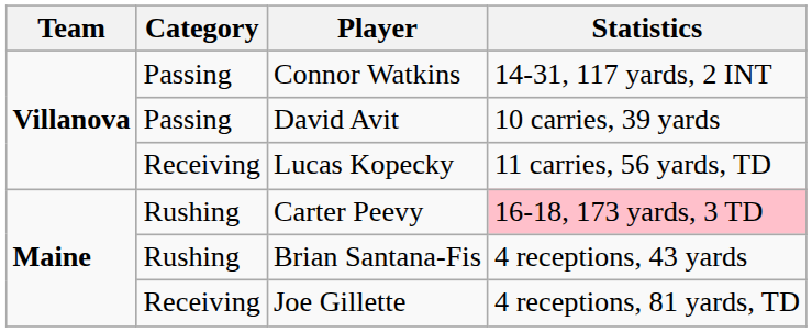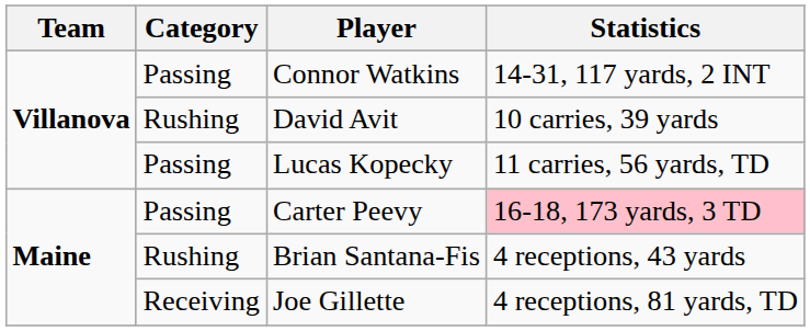 <table class="wikitable" style="float: right;">
 <tr>
 <th>Team</th>
 <th>Category</th>
 <th>Player</th>
 <th>Statistics</th>
 </tr>
 <tr>
 <td rowspan=3><strong>Villanova</strong></td>
 <td>Passing</td>
 <td>Connor Watkins</td>
 <td>14-31, 117 yards, 2 INT</td>
 </tr>
 <tr>
-<td>Passing</td>
+<td>Rushing</td>
 <td>David Avit</td>
 <td>10 carries, 39 yards</td>
 </tr>
 <tr>
-<td>Receiving</td>
+<td>Passing</td>
 <td>Lucas Kopecky</td>
 <td>11 carries, 56 yards, TD</td>
 </tr>
 <tr>
 <td rowspan=3><strong>Maine</strong></td>
-<td>Rushing</td>
+<td>Passing</td>
 <td>Carter Peevy</td>
 <td style="background: pink;">16-18, 173 yards, 3 TD</td>
 </tr>
 <tr>
 <td>Rushing</td>
 <td>Brian Santana-Fis</td>
 <td>4 receptions, 43 yards</td>
 </tr>
 <tr>
 <td>Receiving</td>
 <td>Joe Gillette</td>
 <td>4 receptions, 81 yards, TD</td>
 </tr>
 </table>
